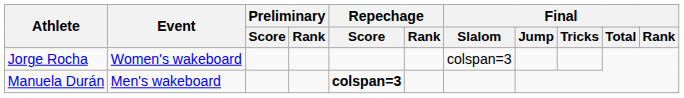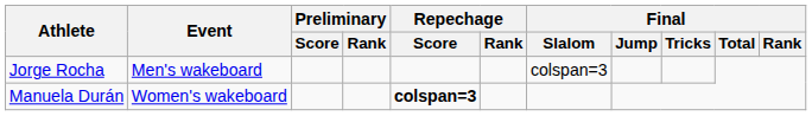 <table class=wikitable style=font-size:90%;text-align:center>
 <tr>
 <th rowspan=2>Athlete</th>
 <th rowspan=2>Event</th>
 <th colspan=2>Preliminary</th>
 <th colspan=2>Repechage</th>
 <th colspan=5>Final</th>
 </tr>
 <tr style=font-size:95%>
 <th>Score</th>
 <th>Rank</th>
 <th>Score</th>
 <th>Rank</th>
 <th>Slalom</th>
 <th>Jump</th>
 <th>Tricks</th>
 <th>Total</th>
 <th>Rank</th>
 </tr>
 <tr>
 <td align=left><a href='#'>Jorge Rocha</a></td>
-<td align=left><a href='#'>Women's wakeboard</a></td>
+<td align=left><a href='#'>Men's wakeboard</a></td>
 <td></td>
 <td></td>
 <td></td>
 <td></td>
 <td>colspan=3 </td>
 <td></td>
 <td></td>
 </tr>
 <tr>
 <td align=left><a href='#'>Manuela Durán</a></td>
-<td align=left><a href='#'>Men's wakeboard</a></td>
+<td align=left><a href='#'>Women's wakeboard</a></td>
 <td></td>
 <td></td>
 <td><strong>colspan=3 </strong></td>
 <td></td>
 <td></td>
 </tr>
 </table>
